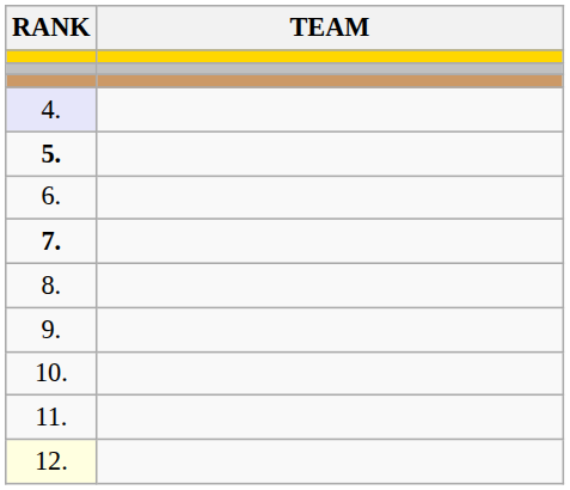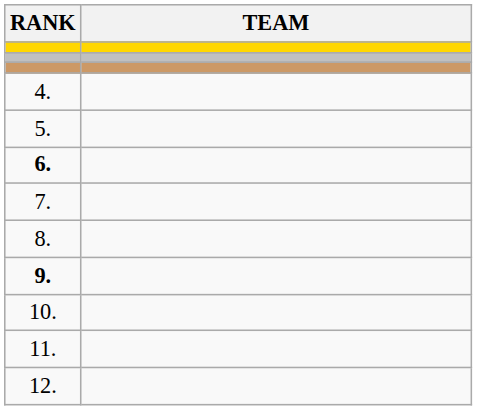 <table class="wikitable" style="border-collapse: collapse; font-size: 90%;">
 <tr>
 <th>RANK</th>
 <th align="left" style="width: 17em">TEAM</th>
 </tr>
 <tr bgcolor=gold>
 <td align="center"></td>
 <td></td>
 </tr>
 <tr bgcolor=silver>
 <td align="center"></td>
 <td></td>
 </tr>
 <tr bgcolor=cc9966>
 <td align="center"></td>
 <td></td>
 </tr>
 <tr>
-<td align="center" style="background: lavender;">4.</td>
+<td align="center">4.</td>
 <td></td>
 </tr>
 <tr>
-<td align="center"><strong>5.</strong></td>
+<td align="center">5.</td>
 <td></td>
 </tr>
 <tr>
-<td align="center">6.</td>
+<td align="center"><strong>6.</strong></td>
 <td></td>
 </tr>
 <tr>
-<td align="center"><strong>7.</strong></td>
+<td align="center">7.</td>
 <td></td>
 </tr>
 <tr>
 <td align="center">8.</td>
 <td></td>
 </tr>
 <tr>
-<td align="center">9.</td>
+<td align="center"><strong>9.</strong></td>
 <td></td>
 </tr>
 <tr>
 <td align="center">10.</td>
 <td></td>
 </tr>
 <tr>
 <td align="center">11.</td>
 <td></td>
 </tr>
 <tr>
-<td align="center" style="background: lightyellow;">12.</td>
+<td align="center">12.</td>
 <td></td>
 </tr>
 </table>
